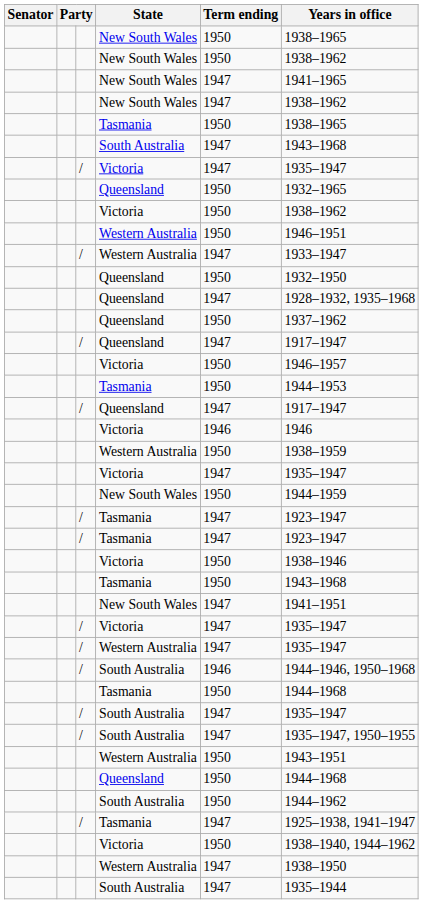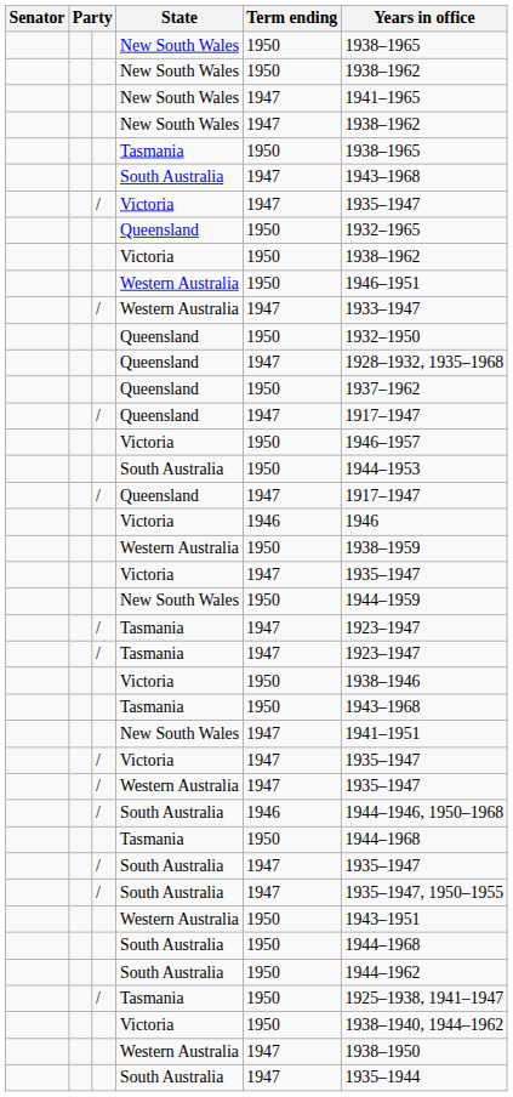 <table class="wikitable sortable">
 <tr>
 <th>Senator</th>
 <th colspan=2>Party</th>
 <th>State</th>
 <th>Term ending</th>
 <th>Years in office</th>
 </tr>
 <tr>
 <td></td>
 <td> </td>
 <td></td>
 <td><a href='#'>New South Wales</a></td>
 <td>1950</td>
 <td>1938–1965</td>
 </tr>
 <tr>
 <td></td>
 <td> </td>
 <td></td>
 <td>New South Wales</td>
 <td>1950</td>
 <td>1938–1962</td>
 </tr>
 <tr>
 <td></td>
 <td> </td>
 <td></td>
 <td>New South Wales</td>
 <td>1947</td>
 <td>1941–1965</td>
 </tr>
 <tr>
 <td></td>
 <td> </td>
 <td></td>
 <td>New South Wales</td>
 <td>1947</td>
 <td>1938–1962</td>
 </tr>
 <tr>
 <td></td>
 <td> </td>
 <td></td>
 <td><a href='#'>Tasmania</a></td>
 <td>1950</td>
 <td>1938–1965</td>
 </tr>
 <tr>
 <td> </td>
 <td> </td>
 <td></td>
 <td><a href='#'>South Australia</a></td>
 <td>1947</td>
 <td>1943–1968</td>
 </tr>
 <tr>
 <td></td>
 <td> </td>
 <td>/</td>
 <td><a href='#'>Victoria</a></td>
 <td>1947</td>
 <td>1935–1947</td>
 </tr>
 <tr>
 <td></td>
 <td> </td>
 <td></td>
 <td><a href='#'>Queensland</a></td>
 <td>1950</td>
 <td>1932–1965</td>
 </tr>
 <tr>
 <td></td>
 <td> </td>
 <td></td>
 <td>Victoria</td>
 <td>1950</td>
 <td>1938–1962</td>
 </tr>
 <tr>
 <td></td>
 <td> </td>
 <td></td>
 <td><a href='#'>Western Australia</a></td>
 <td>1950</td>
 <td>1946–1951</td>
 </tr>
 <tr>
 <td></td>
 <td> </td>
 <td>/</td>
 <td>Western Australia</td>
 <td>1947</td>
 <td>1933–1947</td>
 </tr>
 <tr>
 <td></td>
 <td> </td>
 <td></td>
 <td>Queensland</td>
 <td>1950</td>
 <td>1932–1950</td>
 </tr>
 <tr>
 <td></td>
 <td> </td>
 <td></td>
 <td>Queensland</td>
 <td>1947</td>
 <td>1928–1932, 1935–1968</td>
 </tr>
 <tr>
 <td></td>
 <td> </td>
 <td></td>
 <td>Queensland</td>
 <td>1950</td>
 <td>1937–1962</td>
 </tr>
 <tr>
 <td> </td>
 <td> </td>
 <td>/</td>
 <td>Queensland</td>
 <td>1947</td>
 <td>1917–1947</td>
 </tr>
 <tr>
 <td> </td>
 <td> </td>
 <td></td>
 <td>Victoria</td>
 <td>1950</td>
 <td>1946–1957</td>
 </tr>
 <tr>
 <td></td>
 <td> </td>
 <td></td>
-<td><a href='#'>Tasmania</a></td>
+<td>South Australia</td>
 <td>1950</td>
 <td>1944–1953</td>
 </tr>
 <tr>
 <td></td>
 <td> </td>
 <td>/</td>
 <td>Queensland</td>
 <td>1947</td>
 <td>1917–1947</td>
 </tr>
 <tr>
 <td> </td>
 <td> </td>
 <td></td>
 <td>Victoria</td>
 <td>1946 </td>
 <td>1946</td>
 </tr>
 <tr>
 <td></td>
 <td> </td>
 <td></td>
 <td>Western Australia</td>
 <td>1950</td>
 <td>1938–1959</td>
 </tr>
 <tr>
 <td></td>
 <td> </td>
 <td></td>
 <td>Victoria</td>
 <td>1947</td>
 <td>1935–1947</td>
 </tr>
 <tr>
 <td></td>
 <td> </td>
 <td></td>
 <td>New South Wales</td>
 <td>1950</td>
 <td>1944–1959</td>
 </tr>
 <tr>
 <td></td>
 <td> </td>
 <td>/</td>
 <td>Tasmania</td>
 <td>1947</td>
 <td>1923–1947</td>
 </tr>
 <tr>
 <td></td>
 <td> </td>
 <td>/</td>
 <td>Tasmania</td>
 <td>1947</td>
 <td>1923–1947</td>
 </tr>
 <tr>
 <td> </td>
 <td> </td>
 <td></td>
 <td>Victoria</td>
 <td>1950</td>
 <td>1938–1946</td>
 </tr>
 <tr>
 <td></td>
 <td> </td>
 <td></td>
 <td>Tasmania</td>
 <td>1950</td>
 <td>1943–1968</td>
 </tr>
 <tr>
 <td></td>
 <td> </td>
 <td></td>
 <td>New South Wales</td>
 <td>1947</td>
 <td>1941–1951</td>
 </tr>
 <tr>
 <td></td>
 <td> </td>
 <td>/</td>
 <td>Victoria</td>
 <td>1947</td>
 <td>1935–1947</td>
 </tr>
 <tr>
 <td></td>
 <td> </td>
 <td>/</td>
 <td>Western Australia</td>
 <td>1947</td>
 <td>1935–1947</td>
 </tr>
 <tr>
 <td> </td>
 <td> </td>
 <td>/</td>
 <td>South Australia</td>
 <td>1946 </td>
 <td>1944–1946, 1950–1968</td>
 </tr>
 <tr>
 <td></td>
 <td> </td>
 <td></td>
 <td>Tasmania</td>
 <td>1950</td>
 <td>1944–1968</td>
 </tr>
 <tr>
 <td></td>
 <td> </td>
 <td>/</td>
 <td>South Australia</td>
 <td>1947</td>
 <td>1935–1947</td>
 </tr>
 <tr>
 <td></td>
 <td> </td>
 <td>/</td>
 <td>South Australia</td>
 <td>1947</td>
 <td>1935–1947, 1950–1955</td>
 </tr>
 <tr>
 <td></td>
 <td> </td>
 <td></td>
 <td>Western Australia</td>
 <td>1950</td>
 <td>1943–1951</td>
 </tr>
 <tr>
 <td></td>
 <td> </td>
 <td></td>
-<td><a href='#'>Queensland</a></td>
+<td>South Australia</td>
 <td>1950</td>
 <td>1944–1968</td>
 </tr>
 <tr>
 <td></td>
 <td> </td>
 <td></td>
 <td>South Australia</td>
 <td>1950</td>
 <td>1944–1962</td>
 </tr>
 <tr>
 <td></td>
 <td> </td>
 <td>/</td>
 <td>Tasmania</td>
-<td>1947</td>
+<td>1950</td>
 <td>1925–1938, 1941–1947</td>
 </tr>
 <tr>
 <td></td>
 <td> </td>
 <td></td>
 <td>Victoria</td>
 <td>1950</td>
 <td>1938–1940, 1944–1962</td>
 </tr>
 <tr>
 <td></td>
 <td> </td>
 <td></td>
 <td>Western Australia</td>
 <td>1947</td>
 <td>1938–1950</td>
 </tr>
 <tr>
 <td> </td>
 <td> </td>
 <td></td>
 <td>South Australia</td>
 <td>1947</td>
 <td>1935–1944</td>
 </tr>
 </table>
